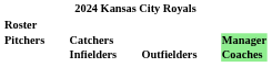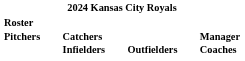 <table class="toccolours" style="font-size: 95%;">
 <tr>
 <th colspan="10">2024 Kansas City Royals</th>
 </tr>
 <tr>
 <td colspan="10"><strong>Roster</strong></td>
 </tr>
 <tr>
 <td valign="top"><strong>Pitchers</strong><br>                            </td>
 <td width="25px"></td>
 <td valign="top"><strong>Catchers</strong><br>  <strong>Infielders</strong>         </td>
 <td width="25px"></td>
 <td valign="top"><br><strong>Outfielders</strong>          </td>
 <td width="25px"></td>
-<td valign="top" style="background: lightgreen;"><strong>Manager</strong><br> <strong>Coaches</strong>                          </td>
+<td valign="top"><strong>Manager</strong><br> <strong>Coaches</strong>                          </td>
 </tr>
 </table>
